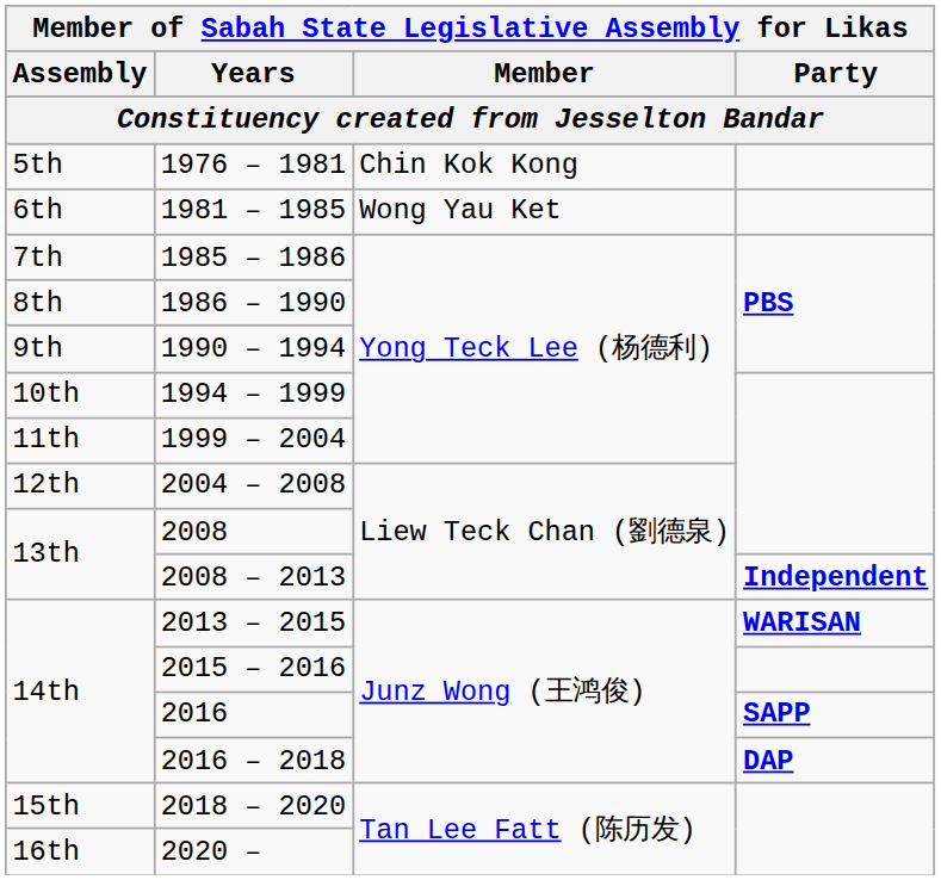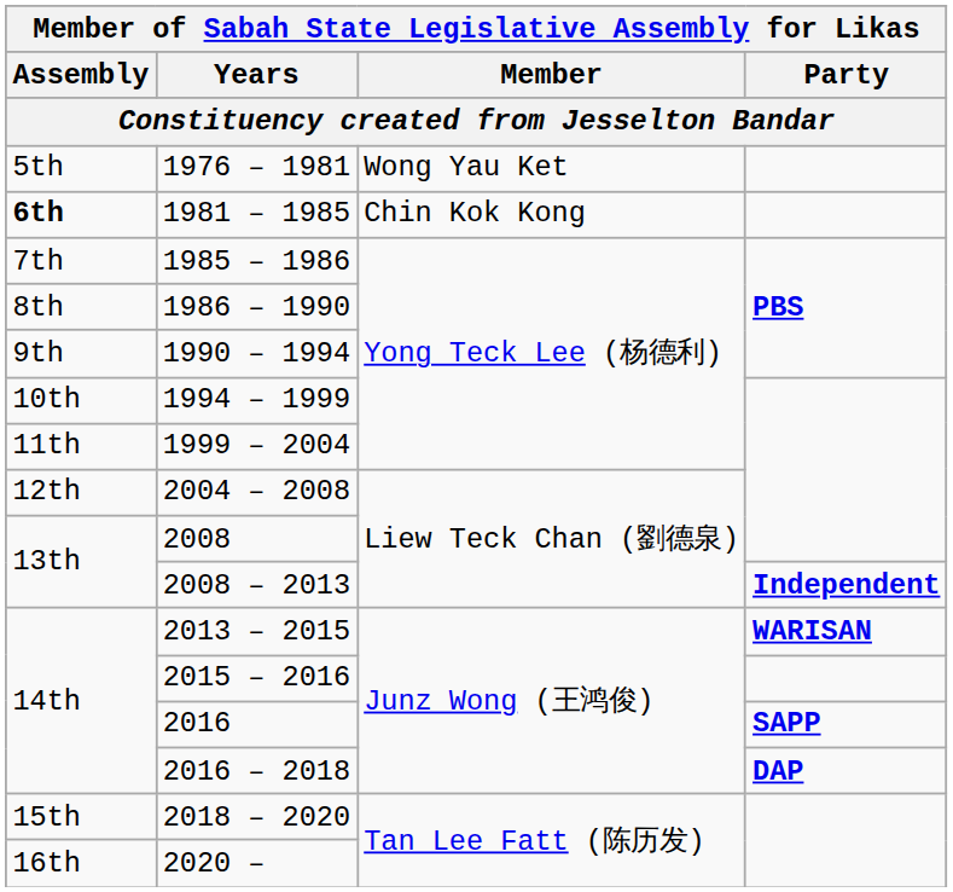 <table class="wikitable">
 <tr>
 <th colspan="4">Member of <a href='#'>Sabah State Legislative Assembly</a> for Likas</th>
 </tr>
 <tr>
 <th>Assembly</th>
 <th>Years</th>
 <th>Member</th>
 <th>Party</th>
 </tr>
 <tr>
 <th colspan="4" align="center"><em>Constituency created from Jesselton Bandar</em></th>
 </tr>
 <tr>
 <td>5th</td>
 <td>1976 – 1981</td>
-<td>Chin Kok Kong</td>
+<td>Wong Yau Ket</td>
 <td></td>
 </tr>
 <tr>
-<td>6th</td>
+<td><strong>6th</strong></td>
 <td>1981 – 1985</td>
-<td>Wong Yau Ket</td>
+<td>Chin Kok Kong</td>
 <td></td>
 </tr>
 <tr>
 <td>7th</td>
 <td>1985 – 1986</td>
 <td rowspan="5"><a href='#'>Yong Teck Lee</a> (杨德利)</td>
 <td rowspan="3"><strong><a href='#'>PBS</a></strong></td>
 </tr>
 <tr>
 <td>8th</td>
 <td>1986 – 1990</td>
 </tr>
 <tr>
 <td>9th</td>
 <td>1990 – 1994</td>
 </tr>
 <tr>
 <td>10th</td>
 <td>1994 – 1999</td>
 <td rowspan="4"></td>
 </tr>
 <tr>
 <td>11th</td>
 <td>1999 – 2004</td>
 </tr>
 <tr>
 <td>12th</td>
 <td>2004 – 2008</td>
 <td rowspan="3">Liew Teck Chan (劉德泉)</td>
 </tr>
 <tr>
 <td rowspan="2">13th</td>
 <td>2008</td>
 </tr>
 <tr>
 <td>2008 – 2013</td>
 <td><strong><a href='#'>Independent</a></strong></td>
 </tr>
 <tr>
 <td rowspan="4">14th</td>
 <td>2013 – 2015</td>
 <td rowspan="4"><a href='#'>Junz Wong</a> (王鸿俊)</td>
 <td><strong><a href='#'>WARISAN</a></strong></td>
 </tr>
 <tr>
 <td>2015 – 2016</td>
 <td></td>
 </tr>
 <tr>
 <td>2016</td>
 <td><strong><a href='#'>SAPP</a></strong></td>
 </tr>
 <tr>
 <td>2016 – 2018</td>
 <td><strong><a href='#'>DAP</a></strong></td>
 </tr>
 <tr>
 <td>15th</td>
 <td>2018 – 2020</td>
 <td rowspan="2"><a href='#'>Tan Lee Fatt</a> (陈历发)</td>
 <td rowspan="2"></td>
 </tr>
 <tr>
 <td>16th</td>
 <td>2020 –</td>
 </tr>
 </table>
